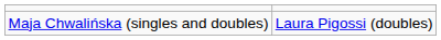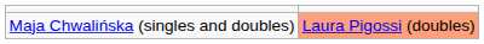 <table class="wikitable" style="text-align: center;">
 <tr>
 <td></td>
 <td></td>
 </tr>
 <tr>
 <td><a href='#'>Maja Chwalińska</a> (singles and doubles)</td>
-<td><a href='#'>Laura Pigossi</a> (doubles)</td>
+<td style="background: lightsalmon;"><a href='#'>Laura Pigossi</a> (doubles)</td>
 </tr>
 </table>
